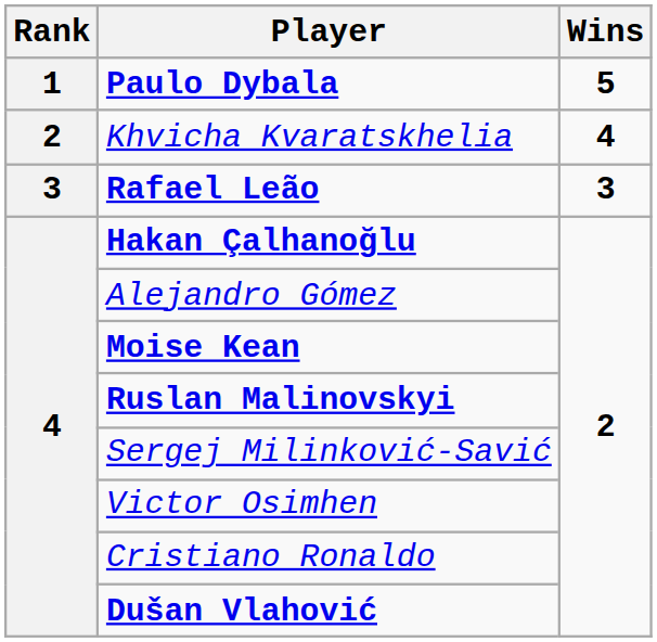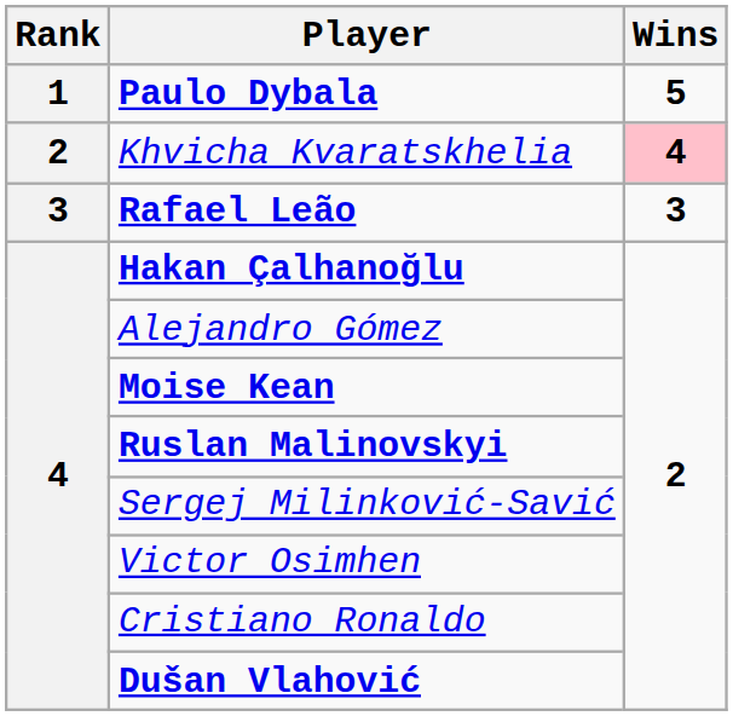 <table class="wikitable">
 <tr>
 <th>Rank</th>
 <th>Player</th>
 <th>Wins</th>
 </tr>
 <tr>
 <th align=center>1</th>
 <td> <strong><a href='#'>Paulo Dybala</a></strong></td>
 <td align=center><strong>5</strong></td>
 </tr>
 <tr>
 <th align=center>2</th>
 <td> <em><a href='#'>Khvicha Kvaratskhelia</a></em></td>
-<td align=center><strong>4</strong></td>
+<td align=center style="background: pink;"><strong>4</strong></td>
 </tr>
 <tr>
 <th align=center>3</th>
 <td> <strong><a href='#'>Rafael Leão</a></strong></td>
 <td align=center><strong>3</strong></td>
 </tr>
 <tr>
 <th rowspan=8 align=center>4</th>
 <td> <strong><a href='#'>Hakan Çalhanoğlu</a></strong></td>
 <td rowspan=8 align=center><strong>2</strong></td>
 </tr>
 <tr>
 <td> <em><a href='#'>Alejandro Gómez</a></em></td>
 </tr>
 <tr>
 <td> <strong><a href='#'>Moise Kean</a></strong></td>
 </tr>
 <tr>
 <td> <strong><a href='#'>Ruslan Malinovskyi</a></strong></td>
 </tr>
 <tr>
 <td> <em><a href='#'>Sergej Milinković-Savić</a></em></td>
 </tr>
 <tr>
 <td> <em><a href='#'>Victor Osimhen</a></em></td>
 </tr>
 <tr>
 <td> <em><a href='#'>Cristiano Ronaldo</a></em></td>
 </tr>
 <tr>
 <td> <strong><a href='#'>Dušan Vlahović</a></strong></td>
 </tr>
 </table>
